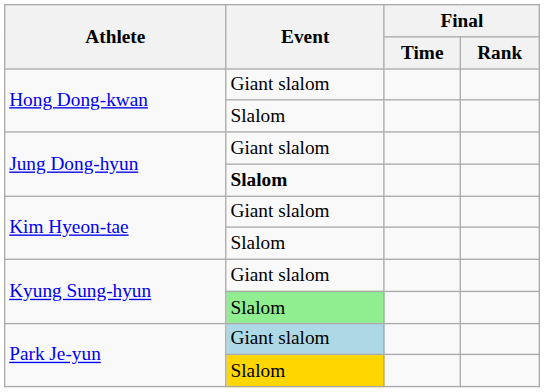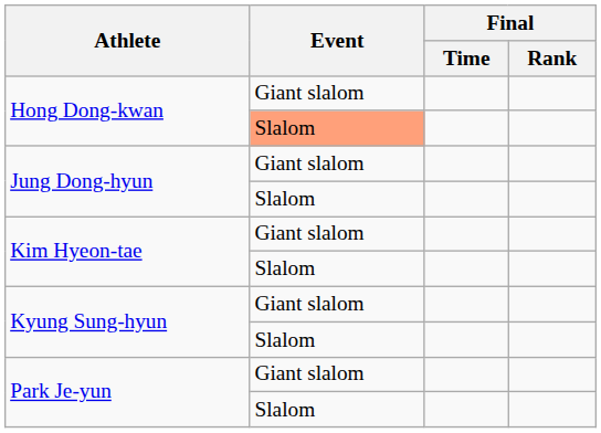 <table class="wikitable" style="font-size:90%; text-align:center; width:400px">
 <tr>
 <th rowspan="2">Athlete</th>
 <th rowspan="2">Event</th>
 <th colspan="2">Final</th>
 </tr>
 <tr>
 <th>Time</th>
 <th>Rank</th>
 </tr>
 <tr>
 <td align=left rowspan=2><a href='#'>Hong Dong-kwan</a></td>
 <td align=left>Giant slalom</td>
 <td></td>
 <td></td>
 </tr>
 <tr>
-<td align=left>Slalom</td>
+<td align=left style="background: lightsalmon;">Slalom</td>
 <td></td>
 <td></td>
 </tr>
 <tr>
 <td align=left rowspan=2><a href='#'>Jung Dong-hyun</a></td>
 <td align=left>Giant slalom</td>
 <td></td>
 <td></td>
 </tr>
 <tr>
-<td align=left><strong>Slalom</strong></td>
+<td align=left>Slalom</td>
 <td></td>
 <td></td>
 </tr>
 <tr>
 <td align=left rowspan=2><a href='#'>Kim Hyeon-tae</a></td>
 <td align=left>Giant slalom</td>
 <td></td>
 <td></td>
 </tr>
 <tr>
 <td align=left>Slalom</td>
 <td></td>
 <td></td>
 </tr>
 <tr>
 <td align=left rowspan=2><a href='#'>Kyung Sung-hyun</a></td>
 <td align=left>Giant slalom</td>
 <td></td>
 <td></td>
 </tr>
 <tr>
-<td align=left style="background: lightgreen;">Slalom</td>
+<td align=left>Slalom</td>
 <td></td>
 <td></td>
 </tr>
 <tr>
 <td align=left rowspan=2><a href='#'>Park Je-yun</a></td>
-<td align=left style="background: lightblue;">Giant slalom</td>
+<td align=left>Giant slalom</td>
 <td></td>
 <td></td>
 </tr>
 <tr>
-<td align=left style="background: gold;">Slalom</td>
+<td align=left>Slalom</td>
 <td></td>
 <td></td>
 </tr>
 </table>
